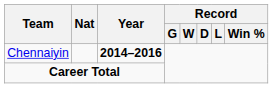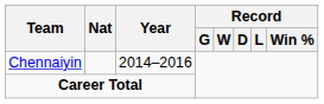 <table class="wikitable" style="text-align: center">
 <tr>
 <th rowspan="2">Team</th>
 <th rowspan="2">Nat</th>
 <th rowspan="2">Year</th>
 <th colspan="5">Record</th>
 </tr>
 <tr>
 <th>G</th>
 <th>W</th>
 <th>D</th>
 <th>L</th>
 <th>Win %</th>
 </tr>
 <tr>
 <td align="left"><a href='#'>Chennaiyin</a></td>
 <td></td>
-<td><strong>2014–2016<br></strong></td>
+<td>2014–2016<br></td>
 </tr>
 <tr>
 <td colspan=3><strong>Career Total</strong><br></td>
 </tr>
 </table>
